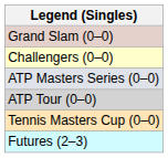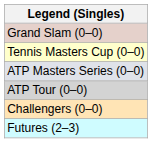 <table class="wikitable">
 <tr>
 <th>Legend (Singles)</th>
 </tr>
 <tr bgcolor="#e5d1cb">
 <td>Grand Slam (0–0)</td>
 </tr>
 <tr bgcolor="ffffcc">
-<td>Challengers (0–0)</td>
+<td>Tennis Masters Cup (0–0)</td>
 </tr>
 <tr bgcolor="#dfe2e9">
 <td>ATP Masters Series (0–0)</td>
 </tr>
 <tr>
 <td style="background: lightgrey;">ATP Tour (0–0)</td>
 </tr>
 <tr bgcolor="moccasin">
-<td>Tennis Masters Cup (0–0)</td>
+<td>Challengers (0–0)</td>
 </tr>
 <tr bgcolor="CFFCFF">
 <td>Futures (2–3)</td>
 </tr>
 </table>
